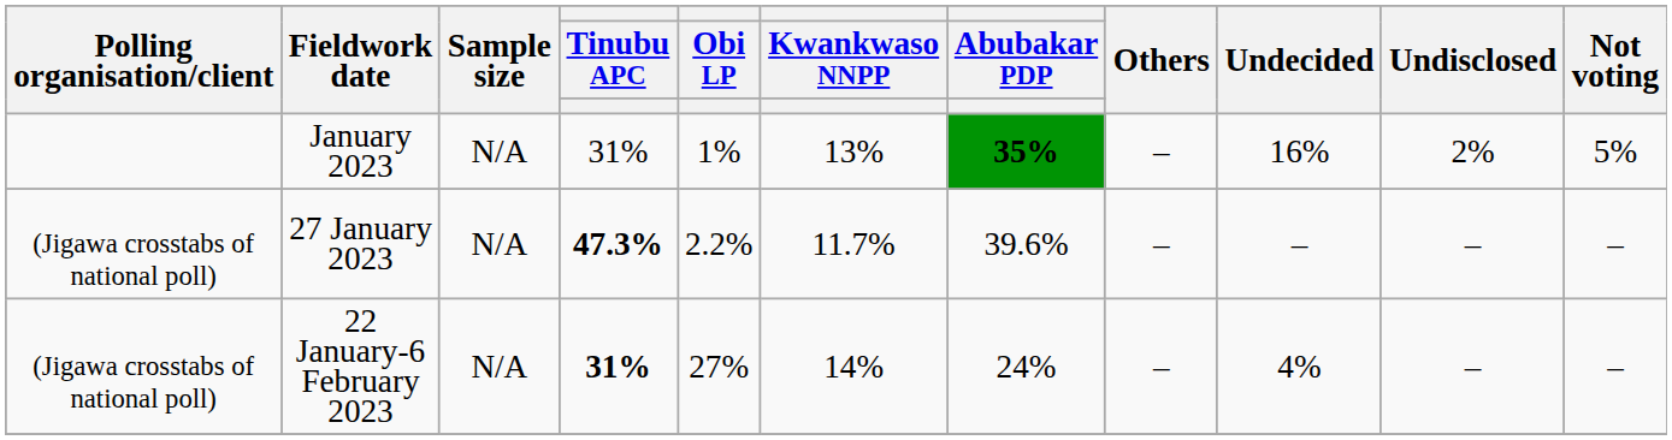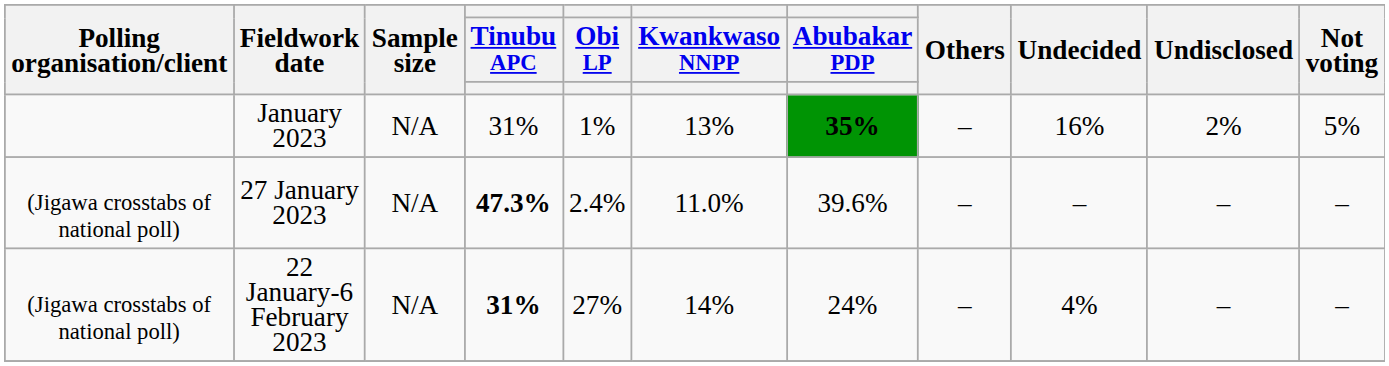 <table class="wikitable" style="text-align:center;font-size:95%;line-height:14px;">
 <tr>
 <th rowspan="3">Polling organisation/client</th>
 <th rowspan="3">Fieldwork<br>date</th>
 <th rowspan="3">Sample<br>size</th>
 <th></th>
 <th></th>
 <th></th>
 <th></th>
 <th rowspan="3">Others</th>
 <th rowspan="3">Undecided</th>
 <th rowspan="3">Undisclosed</th>
 <th rowspan="3">Not voting</th>
 </tr>
 <tr>
 <th><a href='#'>Tinubu</a><br><small><a href='#'>APC</a></small></th>
 <th><a href='#'>Obi</a><br><small><a href='#'>LP</a></small></th>
 <th><a href='#'>Kwankwaso</a><br><small><a href='#'>NNPP</a></small></th>
 <th><a href='#'>Abubakar</a><br><small><a href='#'>PDP</a></small></th>
 </tr>
 <tr>
 <th style="background:"></th>
 <th style="background:"></th>
 <th style="background:"></th>
 <th style="background:"></th>
 </tr>
 <tr>
 <td></td>
 <td>January 2023</td>
 <td>N/A</td>
 <td>31%</td>
 <td>1%</td>
 <td>13%</td>
 <td bgcolor=#009404><strong>35%</strong></td>
 <td>–</td>
 <td>16%</td>
 <td>2%</td>
 <td>5%</td>
 </tr>
 <tr>
 <td><br><small>(Jigawa crosstabs of national poll)</small></td>
 <td>27 January 2023</td>
 <td>N/A</td>
 <td><strong>47.3%</strong></td>
-<td>2.2%</td>
-<td>11.7%</td>
+<td>2.4%</td>
+<td>11.0%</td>
 <td>39.6%</td>
 <td>–</td>
 <td>–</td>
 <td>–</td>
 <td>–</td>
 </tr>
 <tr>
 <td><br><small>(Jigawa crosstabs of national poll)</small></td>
 <td>22 January-6 February 2023</td>
 <td>N/A</td>
 <td><strong>31%</strong></td>
 <td>27%</td>
 <td>14%</td>
 <td>24%</td>
 <td>–</td>
 <td>4%</td>
 <td>–</td>
 <td>–</td>
 </tr>
 <tr>
 </tr>
 </table>
